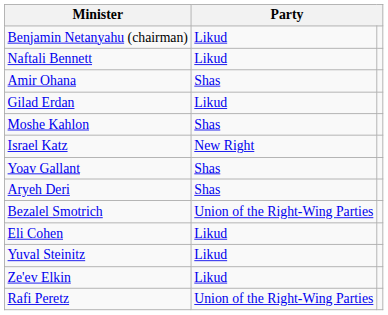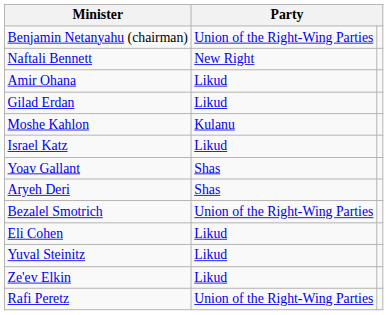 <table class=wikitable>
 <tr>
 <th>Minister</th>
 <th colspan=2>Party</th>
 </tr>
 <tr>
 <td><a href='#'>Benjamin Netanyahu</a> (chairman)</td>
-<td><a href='#'>Likud</a></td>
+<td><a href='#'>Union of the Right-Wing Parties</a></td>
 <td style="background:"></td>
 </tr>
 <tr>
 <td><a href='#'>Naftali Bennett</a></td>
-<td><a href='#'>Likud</a></td>
+<td><a href='#'>New Right</a></td>
 <td style="background:"></td>
 </tr>
 <tr>
 <td><a href='#'>Amir Ohana</a></td>
-<td><a href='#'>Shas</a></td>
+<td><a href='#'>Likud</a></td>
 <td style="background:"></td>
 </tr>
 <tr>
 <td><a href='#'>Gilad Erdan</a></td>
 <td><a href='#'>Likud</a></td>
 <td style="background:"></td>
 </tr>
 <tr>
 <td><a href='#'>Moshe Kahlon</a></td>
-<td><a href='#'>Shas</a></td>
+<td><a href='#'>Kulanu</a></td>
 <td style="background:"></td>
 </tr>
 <tr>
 <td><a href='#'>Israel Katz</a></td>
-<td><a href='#'>New Right</a></td>
+<td><a href='#'>Likud</a></td>
 <td style="background:"></td>
 </tr>
 <tr>
 <td><a href='#'>Yoav Gallant</a></td>
 <td><a href='#'>Shas</a></td>
 <td style="background:"></td>
 </tr>
 <tr>
 <td><a href='#'>Aryeh Deri</a></td>
 <td><a href='#'>Shas</a></td>
 <td style="background:"></td>
 </tr>
 <tr>
 <td><a href='#'>Bezalel Smotrich</a></td>
 <td><a href='#'>Union of the Right-Wing Parties</a></td>
 <td style="background: "></td>
 </tr>
 <tr>
 <td><a href='#'>Eli Cohen</a></td>
 <td><a href='#'>Likud</a></td>
 <td style="background:"></td>
 </tr>
 <tr>
 <td><a href='#'>Yuval Steinitz</a></td>
 <td><a href='#'>Likud</a></td>
 <td style="background:"></td>
 </tr>
 <tr>
 <td><a href='#'>Ze'ev Elkin</a></td>
 <td><a href='#'>Likud</a></td>
 <td style="background:"></td>
 </tr>
 <tr>
 <td><a href='#'>Rafi Peretz</a></td>
 <td><a href='#'>Union of the Right-Wing Parties</a></td>
 <td style="background: "></td>
 </tr>
 </table>
